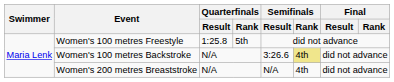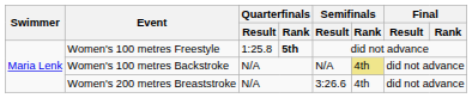 <table class=wikitable style="font-size:90%">
 <tr>
 <th rowspan=2>Swimmer</th>
 <th rowspan=2>Event</th>
 <th colspan=2>Quarterfinals</th>
 <th colspan=2>Semifinals</th>
 <th colspan=2>Final</th>
 </tr>
 <tr>
 <th>Result</th>
 <th>Rank</th>
 <th>Result</th>
 <th>Rank</th>
 <th>Result</th>
 <th>Rank</th>
 </tr>
 <tr>
 <td rowspan=3><a href='#'>Maria Lenk</a></td>
 <td>Women's 100 metres Freestyle</td>
 <td>1:25.8</td>
-<td>5th</td>
+<td><strong>5th</strong></td>
 <td align=center colspan=4>did not advance</td>
 </tr>
 <tr>
 <td>Women's 100 metres Backstroke</td>
 <td colspan=2>N/A</td>
-<td>3:26.6</td>
+<td>N/A</td>
 <td style="background: khaki;">4th</td>
 <td align=center colspan=4>did not advance</td>
 </tr>
 <tr>
 <td>Women's 200 metres Breaststroke</td>
 <td colspan=2>N/A</td>
-<td>N/A</td>
+<td>3:26.6</td>
 <td>4th</td>
 <td align=center colspan=4>did not advance</td>
 </tr>
 </table>
